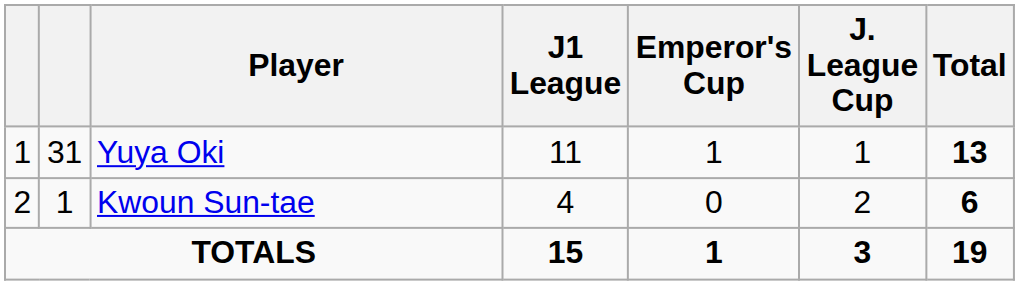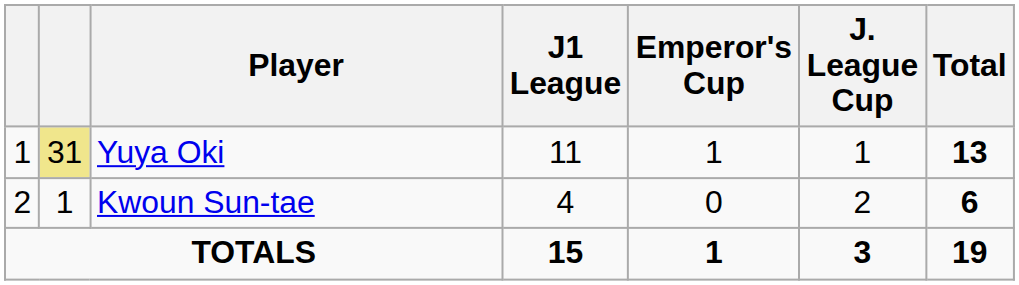 <table class="wikitable sortable" style="text-align:center">
 <tr>
 <th width=10></th>
 <th width=10></th>
 <th width=200>Player</th>
 <th width=50>J1 League</th>
 <th width=50>Emperor's Cup</th>
 <th width=50>J. League Cup</th>
 <th>Total</th>
 </tr>
 <tr>
 <td>1</td>
-<td>31</td>
+<td style="background: khaki;">31</td>
 <td align="left"> <a href='#'>Yuya Oki</a></td>
 <td>11</td>
 <td>1</td>
 <td>1</td>
 <td><strong>13</strong></td>
 </tr>
 <tr>
 <td>2</td>
 <td>1</td>
 <td align="left"> <a href='#'>Kwoun Sun-tae</a></td>
 <td>4</td>
 <td>0</td>
 <td>2</td>
 <td><strong>6</strong></td>
 </tr>
 <tr>
 <td colspan="3"><strong>TOTALS</strong></td>
 <td><strong>15</strong></td>
 <td><strong>1</strong></td>
 <td><strong>3</strong></td>
 <td><strong>19</strong></td>
 </tr>
 </table>
